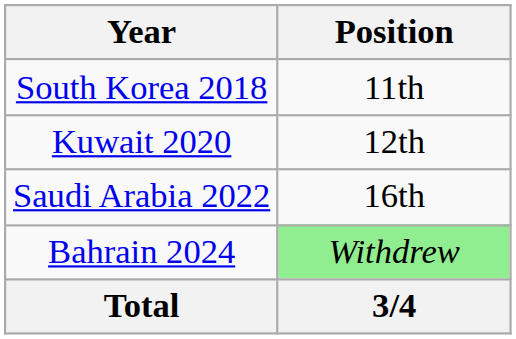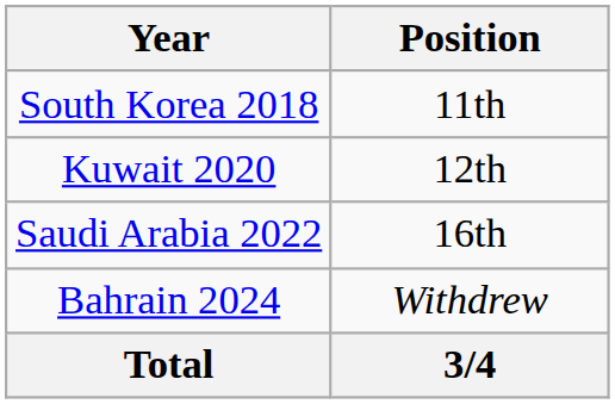 <table class="wikitable" style="text-align: center;">
 <tr>
 <th>Year</th>
 <th width="100">Position</th>
 </tr>
 <tr>
 <td style="border:"><a href='#'>South Korea 2018</a></td>
 <td>11th</td>
 </tr>
 <tr>
 <td style="border:"><a href='#'>Kuwait 2020</a></td>
 <td>12th</td>
 </tr>
 <tr>
 <td style="border:"><a href='#'>Saudi Arabia 2022</a></td>
 <td>16th</td>
 </tr>
 <tr>
 <td style="border:"><a href='#'>Bahrain 2024</a></td>
-<td style="background: lightgreen;"><em>Withdrew</em></td>
+<td><em>Withdrew</em></td>
 </tr>
 <tr>
 <th>Total</th>
 <th>3/4</th>
 </tr>
 </table>
